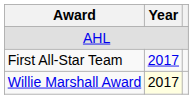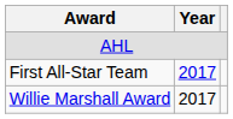 <table class="wikitable">
 <tr>
 <th>Award</th>
 <th>Year</th>
 <th></th>
 </tr>
 <tr ALIGN="center" bgcolor="#e0e0e0">
 <td colspan="3"><a href='#'>AHL</a></td>
 </tr>
 <tr>
 <td>First All-Star Team</td>
 <td><a href='#'>2017</a></td>
 <td></td>
 </tr>
 <tr>
 <td><a href='#'>Willie Marshall Award</a></td>
-<td style="background: lightyellow;">2017</td>
+<td>2017</td>
 <td></td>
 </tr>
 </table>
